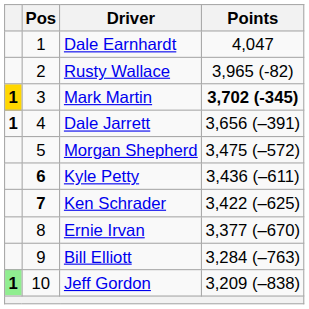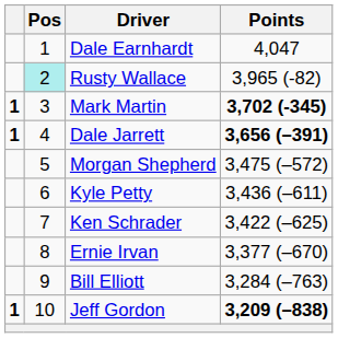 <table class="wikitable" style="font-size: 95%;">
 <tr>
 <th></th>
 <th>Pos</th>
 <th>Driver</th>
 <th>Points</th>
 </tr>
 <tr>
 <td align="left"></td>
 <td style="text-align:center;">1</td>
 <td><a href='#'>Dale Earnhardt</a></td>
 <td style="text-align:center;">4,047</td>
 </tr>
 <tr>
 <td align="left"></td>
-<td style="text-align:center;">2</td>
+<td style="background: paleturquoise; text-align:center;">2</td>
 <td><a href='#'>Rusty Wallace</a></td>
 <td style="text-align:center;">3,965 (-82)</td>
 </tr>
 <tr>
-<td align="left" style="background: gold;"> <strong>1</strong></td>
+<td align="left"> <strong>1</strong></td>
 <td style="text-align:center;">3</td>
 <td><a href='#'>Mark Martin</a></td>
 <td style="text-align:center;"><strong>3,702 (-345)</strong></td>
 </tr>
 <tr>
 <td align="left"> <strong>1</strong></td>
 <td style="text-align:center;">4</td>
 <td><a href='#'>Dale Jarrett</a></td>
-<td style="text-align:center;">3,656 (–391)</td>
+<td style="text-align:center;"><strong>3,656 (–391)</strong></td>
 </tr>
 <tr>
 <td align="left"></td>
 <td style="text-align:center;">5</td>
 <td><a href='#'>Morgan Shepherd</a></td>
 <td style="text-align:center;">3,475 (–572)</td>
 </tr>
 <tr>
 <td align="left"></td>
-<td style="text-align:center;"><strong>6</strong></td>
+<td style="text-align:center;">6</td>
 <td><a href='#'>Kyle Petty</a></td>
 <td style="text-align:center;">3,436 (–611)</td>
 </tr>
 <tr>
 <td align="left"></td>
-<td style="text-align:center;"><strong>7</strong></td>
+<td style="text-align:center;">7</td>
 <td><a href='#'>Ken Schrader</a></td>
 <td style="text-align:center;">3,422 (–625)</td>
 </tr>
 <tr>
 <td align="left"></td>
 <td style="text-align:center;">8</td>
 <td><a href='#'>Ernie Irvan</a></td>
 <td style="text-align:center;">3,377 (–670)</td>
 </tr>
 <tr>
 <td align="left"></td>
 <td style="text-align:center;">9</td>
 <td><a href='#'>Bill Elliott</a></td>
 <td style="text-align:center;">3,284 (–763)</td>
 </tr>
 <tr>
-<td align="left" style="background: lightgreen;"> <strong>1</strong></td>
+<td align="left"> <strong>1</strong></td>
 <td style="text-align:center;">10</td>
 <td><a href='#'>Jeff Gordon</a></td>
-<td style="text-align:center;">3,209 (–838)</td>
+<td style="text-align:center;"><strong>3,209 (–838)</strong></td>
 </tr>
 <tr class="sortbottom">
 <th colspan="9"></th>
 </tr>
 </table>
